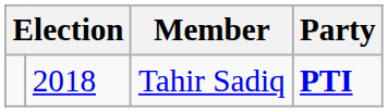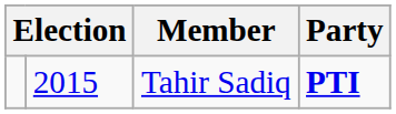 <table class="wikitable">
 <tr>
 <th colspan="2">Election</th>
 <th>Member</th>
 <th>Party</th>
 </tr>
 <tr>
 <td style="background-color: "></td>
-<td><a href='#'>2018</a></td>
+<td><a href='#'>2015</a></td>
 <td><a href='#'>Tahir Sadiq</a></td>
 <td><strong><a href='#'>PTI</a></strong></td>
 </tr>
 </table>
